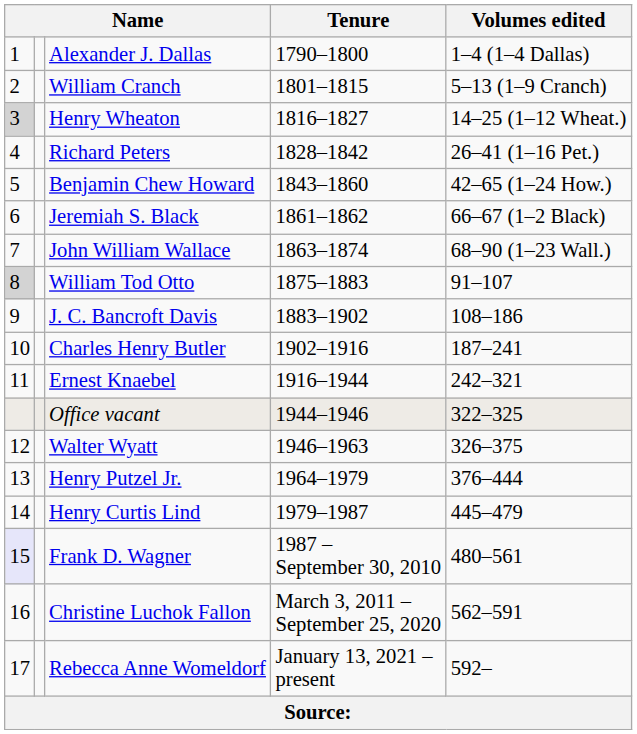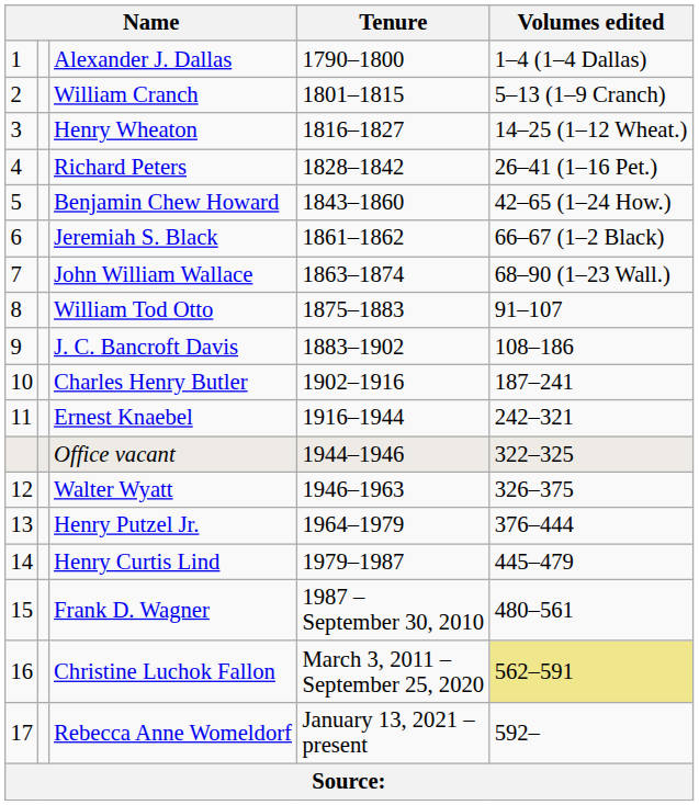 <table class="wikitable sortable">
 <tr>
 <th colspan=3>Name</th>
 <th>Tenure</th>
 <th>Volumes edited</th>
 </tr>
 <tr>
 <td data-sort-value="Dallas, Alexander J.">1</td>
 <td></td>
 <td><a href='#'>Alexander J. Dallas</a></td>
 <td>1790–1800</td>
 <td>1–4 (1–4 Dallas)</td>
 </tr>
 <tr>
 <td data-sort-value="Cranch, William">2</td>
 <td></td>
 <td><a href='#'>William Cranch</a></td>
 <td>1801–1815</td>
 <td>5–13 (1–9 Cranch)</td>
 </tr>
 <tr>
-<td data-sort-value="Wheaton, Henry" style="background: lightgrey;">3</td>
+<td data-sort-value="Wheaton, Henry">3</td>
 <td></td>
 <td><a href='#'>Henry Wheaton</a></td>
 <td>1816–1827</td>
 <td>14–25 (1–12 Wheat.)</td>
 </tr>
 <tr>
 <td data-sort-value="Peters, Richard">4</td>
 <td></td>
 <td><a href='#'>Richard Peters</a></td>
 <td>1828–1842</td>
 <td>26–41 (1–16 Pet.)</td>
 </tr>
 <tr>
 <td data-sort-value="Howard, Benjamin Chew">5</td>
 <td></td>
 <td><a href='#'>Benjamin Chew Howard</a></td>
 <td>1843–1860</td>
 <td>42–65 (1–24 How.)</td>
 </tr>
 <tr>
 <td data-sort-value="Black, Jeremiah S.">6</td>
 <td></td>
 <td><a href='#'>Jeremiah S. Black</a></td>
 <td>1861–1862</td>
 <td>66–67 (1–2 Black)</td>
 </tr>
 <tr>
 <td data-sort-value="Wallace, John William">7</td>
 <td></td>
 <td><a href='#'>John William Wallace</a></td>
 <td>1863–1874</td>
 <td>68–90 (1–23 Wall.)</td>
 </tr>
 <tr>
-<td data-sort-value="Otto, William Tod" style="background: lightgrey;">8</td>
+<td data-sort-value="Otto, William Tod">8</td>
 <td></td>
 <td><a href='#'>William Tod Otto</a></td>
 <td>1875–1883</td>
 <td>91–107</td>
 </tr>
 <tr>
 <td data-sort-value="Davis, J. C. Bancroft">9</td>
 <td></td>
 <td><a href='#'>J. C. Bancroft Davis</a></td>
 <td>1883–1902</td>
 <td>108–186</td>
 </tr>
 <tr>
 <td data-sort-value="Butler, Charles Henry">10</td>
 <td></td>
 <td><a href='#'>Charles Henry Butler</a></td>
 <td>1902–1916</td>
 <td>187–241</td>
 </tr>
 <tr>
 <td data-sort-value="Knaebel, Ernest">11</td>
 <td></td>
 <td><a href='#'>Ernest Knaebel</a></td>
 <td>1916–1944</td>
 <td>242–321</td>
 </tr>
 <tr bgcolor=#eeebe6>
 <td data-sort-value="Z, vacant"></td>
 <td></td>
 <td><em>Office vacant</em></td>
 <td>1944–1946</td>
 <td>322–325</td>
 </tr>
 <tr>
 <td data-sort-value="Wyatt, Walter">12</td>
 <td></td>
 <td><a href='#'>Walter Wyatt</a></td>
 <td>1946–1963</td>
 <td>326–375</td>
 </tr>
 <tr>
 <td data-sort-value="Putzel Jr., Henry">13</td>
 <td></td>
 <td><a href='#'>Henry Putzel Jr.</a></td>
 <td>1964–1979</td>
 <td>376–444</td>
 </tr>
 <tr>
 <td data-sort-value="Lind, Henry Curtis">14</td>
 <td></td>
 <td><a href='#'>Henry Curtis Lind</a></td>
 <td>1979–1987</td>
 <td>445–479</td>
 </tr>
 <tr>
-<td data-sort-value="Wagner, Frank D." style="background: lavender;">15</td>
+<td data-sort-value="Wagner, Frank D.">15</td>
 <td></td>
 <td><a href='#'>Frank D. Wagner</a></td>
 <td>1987 –<br> September 30, 2010</td>
 <td>480–561</td>
 </tr>
 <tr>
 <td data-sort-value="Fallon, Christine Luchok">16</td>
 <td></td>
 <td><a href='#'>Christine Luchok Fallon</a></td>
 <td>March 3, 2011 –<br> September 25, 2020</td>
-<td>562–591</td>
+<td style="background: khaki;">562–591</td>
 </tr>
 <tr>
 <td data-sort-value="Womeldorf, Rebecca Anne">17</td>
 <td></td>
 <td><a href='#'>Rebecca Anne Womeldorf</a></td>
 <td>January 13, 2021 –<br> present</td>
 <td>592–</td>
 </tr>
 <tr>
 <th colspan=5>Source:</th>
 </tr>
 </table>
